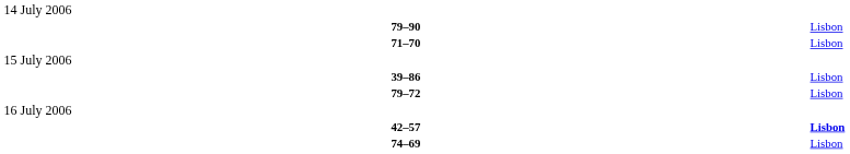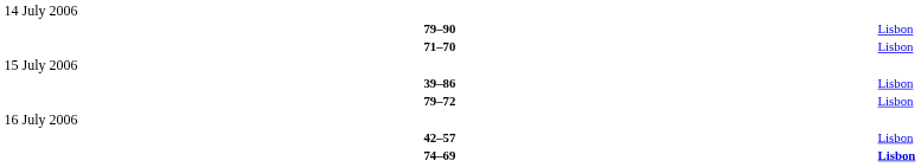 <table style="width:100%;" cellspacing="1">
 <tr>
 <th width=25%></th>
 <th width=3%></th>
 <th width=6%></th>
 <th width=3%></th>
 <th width=25%></th>
 </tr>
 <tr>
 <td>14 July 2006</td>
 </tr>
 <tr style=font-size:90%>
 <td align=right><strong></strong></td>
 <td></td>
 <td align=center><strong>79–90</strong></td>
 <td></td>
 <td><strong></strong></td>
 <td><a href='#'>Lisbon</a></td>
 </tr>
 <tr style=font-size:90%>
 <td align=right><strong></strong></td>
 <td></td>
 <td align=center><strong>71–70</strong></td>
 <td></td>
 <td><strong></strong></td>
 <td><a href='#'>Lisbon</a></td>
 </tr>
 <tr>
 <td>15 July 2006</td>
 </tr>
 <tr style=font-size:90%>
 <td align=right><strong></strong></td>
 <td></td>
 <td align=center><strong>39–86</strong></td>
 <td></td>
 <td><strong></strong></td>
 <td><a href='#'>Lisbon</a></td>
 </tr>
 <tr style=font-size:90%>
 <td align=right><strong></strong></td>
 <td></td>
 <td align=center><strong>79–72</strong></td>
 <td></td>
 <td><strong></strong></td>
 <td><a href='#'>Lisbon</a></td>
 </tr>
 <tr>
 <td>16 July 2006</td>
 </tr>
 <tr style=font-size:90%>
 <td align=right><strong></strong></td>
 <td></td>
 <td align=center><strong>42–57</strong></td>
 <td></td>
 <td><strong></strong></td>
-<td><strong><a href='#'>Lisbon</a></strong></td>
+<td><a href='#'>Lisbon</a></td>
 </tr>
 <tr style=font-size:90%>
 <td align=right><strong></strong></td>
 <td></td>
 <td align=center><strong>74–69</strong></td>
 <td></td>
 <td><strong></strong></td>
-<td><a href='#'>Lisbon</a></td>
+<td><strong><a href='#'>Lisbon</a></strong></td>
 </tr>
 </table>
